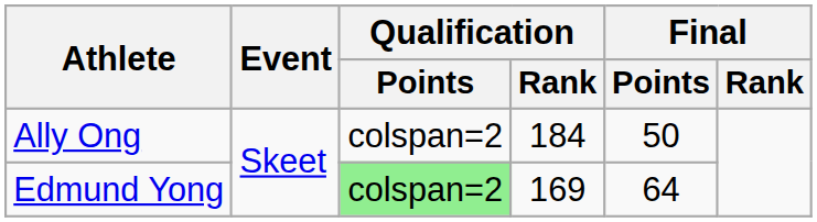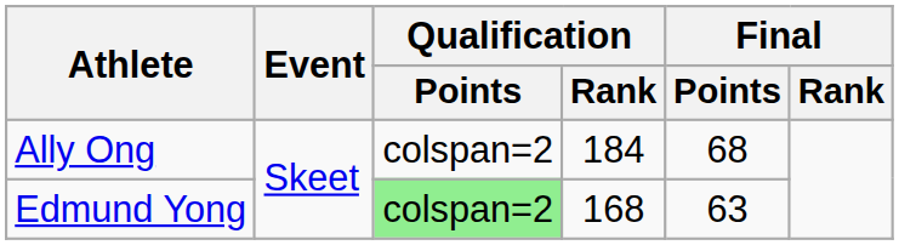 <table class="wikitable" style="font-size:90%;">
 <tr>
 <th rowspan=2>Athlete</th>
 <th rowspan=2>Event</th>
 <th colspan=2>Qualification</th>
 <th colspan=2>Final</th>
 </tr>
 <tr style="font-size:95%">
 <th>Points</th>
 <th>Rank</th>
 <th>Points</th>
 <th>Rank</th>
 </tr>
 <tr align=center>
 <td align=left><a href='#'>Ally Ong</a></td>
 <td align=left rowspan=2><a href='#'>Skeet</a></td>
 <td>colspan=2 </td>
 <td>184</td>
-<td>50</td>
+<td>68</td>
 </tr>
 <tr align=center>
 <td align=left><a href='#'>Edmund Yong</a></td>
 <td style="background: lightgreen;">colspan=2 </td>
-<td>169</td>
-<td>64</td>
+<td>168</td>
+<td>63</td>
 </tr>
 </table>
